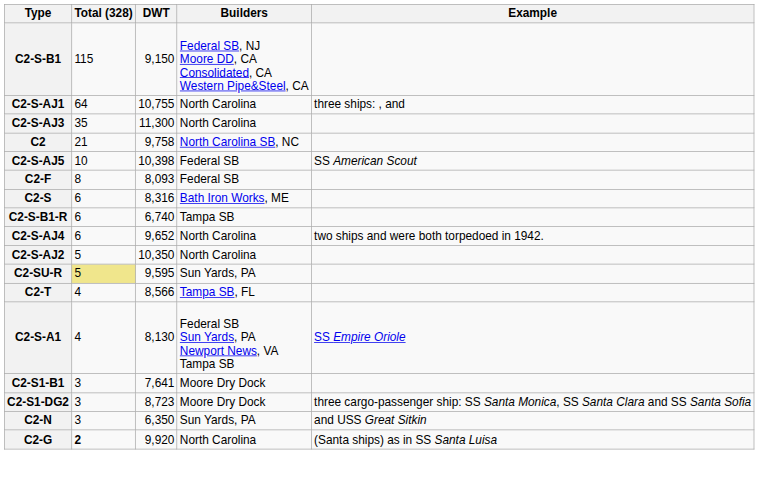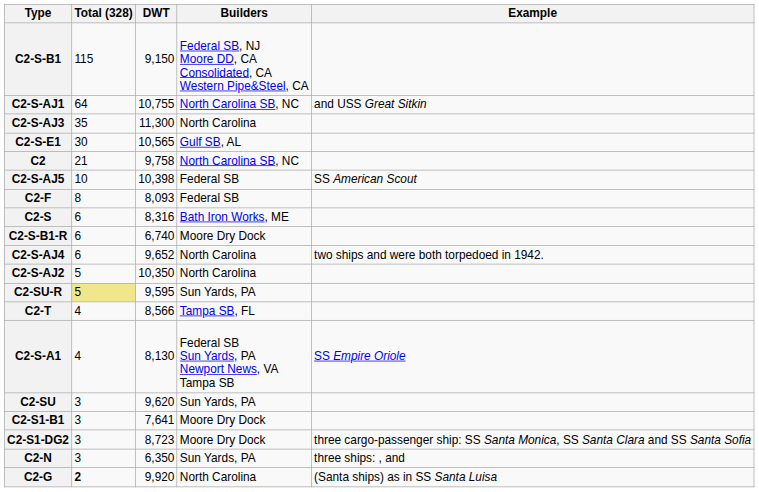 <table class="wikitable sortable plainrowheaders">
 <tr>
 <th scope="col">Type</th>
 <th scope="col">Total (328)</th>
 <th scope="col">DWT</th>
 <th scope="col">Builders</th>
 <th scope="col">Example</th>
 </tr>
 <tr>
 <th scope="row">C2-S-B1</th>
 <td>115</td>
 <td style="text-align: right;">9,150</td>
 <td><br><a href='#'>Federal SB</a>, NJ<br> <a href='#'>Moore DD</a>, CA<br> <a href='#'>Consolidated</a>, CA<br> <a href='#'>Western Pipe&Steel</a>, CA</td>
 <td></td>
 </tr>
 <tr>
 <th scope="row">C2-S-AJ1</th>
 <td>64</td>
 <td style="text-align: right;">10,755</td>
-<td>North Carolina</td>
-<td>three ships: ,  and </td>
+<td><a href='#'>North Carolina SB</a>, NC</td>
+<td> and USS <em>Great Sitkin</em></td>
 </tr>
 <tr>
 <th scope="row">C2-S-AJ3</th>
 <td>35</td>
 <td style="text-align: right;">11,300</td>
 <td>North Carolina</td>
+<td></td>
+</tr>
+<tr>
+<th scope="row">C2-S-E1</th>
+<td>30</td>
+<td style="text-align: right;">10,565</td>
+<td><a href='#'>Gulf SB</a>, AL</td>
 <td></td>
 </tr>
 <tr>
 <th scope="row">C2</th>
 <td>21</td>
 <td style="text-align: right;">9,758</td>
 <td><a href='#'>North Carolina SB</a>, NC</td>
 <td></td>
 </tr>
 <tr>
 <th scope="row">C2-S-AJ5</th>
 <td>10</td>
 <td style="text-align: right;">10,398</td>
 <td>Federal SB</td>
 <td>SS <em>American Scout</em></td>
 </tr>
 <tr>
 <th scope="row">C2-F</th>
 <td>8</td>
 <td style="text-align: right;">8,093</td>
 <td>Federal SB</td>
 <td></td>
 </tr>
 <tr>
 <th scope="row">C2-S</th>
 <td>6</td>
 <td style="text-align: right;">8,316</td>
 <td><a href='#'>Bath Iron Works</a>, ME</td>
 <td></td>
 </tr>
 <tr>
 <th scope="row">C2-S-B1-R</th>
 <td>6</td>
 <td style="text-align: right;">6,740</td>
-<td>Tampa SB</td>
+<td>Moore Dry Dock</td>
 <td></td>
 </tr>
 <tr>
 <th scope="row">C2-S-AJ4</th>
 <td>6</td>
 <td style="text-align: right;">9,652</td>
 <td>North Carolina</td>
 <td>two ships  and  were both torpedoed in 1942.</td>
 </tr>
 <tr>
 <th scope="row">C2-S-AJ2</th>
 <td>5</td>
 <td style="text-align: right;">10,350</td>
 <td>North Carolina</td>
 <td></td>
 </tr>
 <tr>
 <th scope="row">C2-SU-R</th>
 <td style="background: khaki;">5</td>
 <td style="text-align: right;">9,595</td>
 <td>Sun Yards, PA</td>
 <td></td>
 </tr>
 <tr>
 <th scope="row">C2-T</th>
 <td>4</td>
 <td style="text-align: right;">8,566</td>
 <td><a href='#'>Tampa SB</a>, FL</td>
 <td></td>
 </tr>
 <tr>
 <th scope="row">C2-S-A1</th>
 <td>4</td>
 <td style="text-align: right;">8,130</td>
 <td><br>Federal SB<br> <a href='#'>Sun Yards</a>, PA<br> <a href='#'>Newport News</a>, VA<br> Tampa SB</td>
 <td><a href='#'>SS <em>Empire Oriole</em></a></td>
 </tr>
 <tr>
+<th scope="row">C2-SU</th>
+<td>3</td>
+<td style="text-align: right;">9,620</td>
+<td>Sun Yards, PA</td>
+<td></td>
+</tr>
+<tr>
 <th scope="row">C2-S1-B1</th>
 <td>3</td>
 <td style="text-align: right;">7,641</td>
 <td>Moore Dry Dock</td>
 <td></td>
 </tr>
 <tr>
 <th scope="row" style="white-space: nowrap;">C2-S1-DG2</th>
 <td>3</td>
 <td style="text-align: right;">8,723</td>
 <td>Moore Dry Dock</td>
 <td>three cargo-passenger ship: SS <em>Santa Monica</em>, SS <em>Santa Clara</em> and SS <em>Santa Sofia</em></td>
 </tr>
 <tr>
 <th scope="row">C2-N</th>
 <td>3</td>
 <td style="text-align: right;">6,350</td>
 <td>Sun Yards, PA</td>
-<td> and USS <em>Great Sitkin</em></td>
+<td>three ships: ,  and </td>
 </tr>
 <tr>
 <th scope="row">C2-G</th>
 <td><strong>2</strong></td>
 <td style="text-align: right;">9,920</td>
 <td>North Carolina</td>
 <td>(Santa ships) as in SS <em>Santa Luisa</em></td>
 </tr>
 </table>
